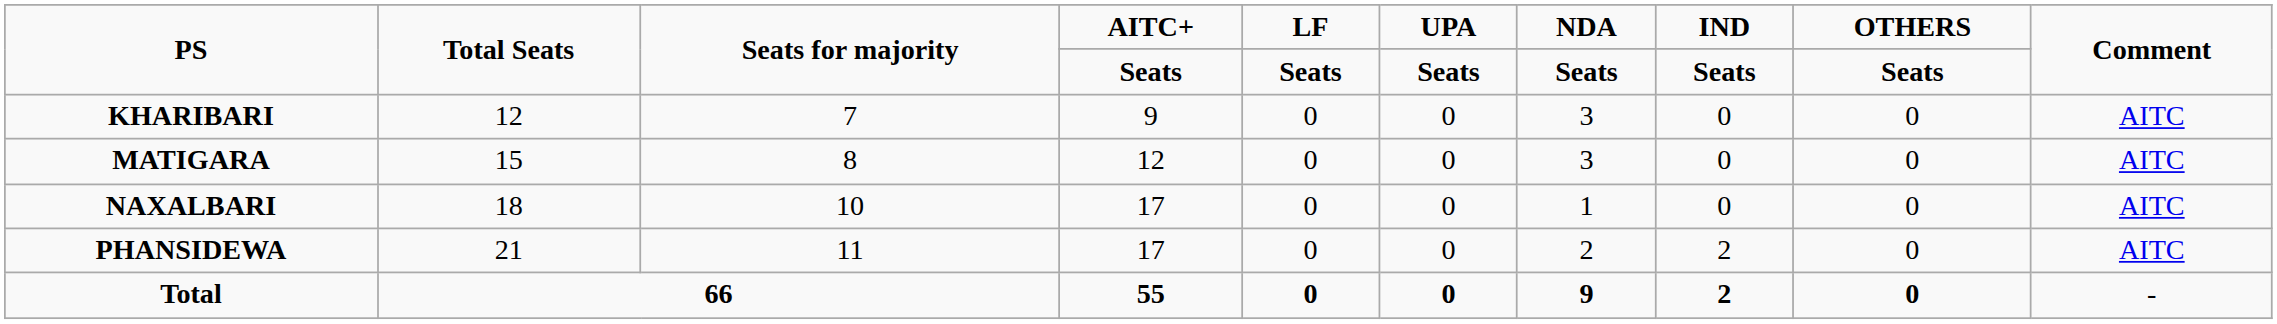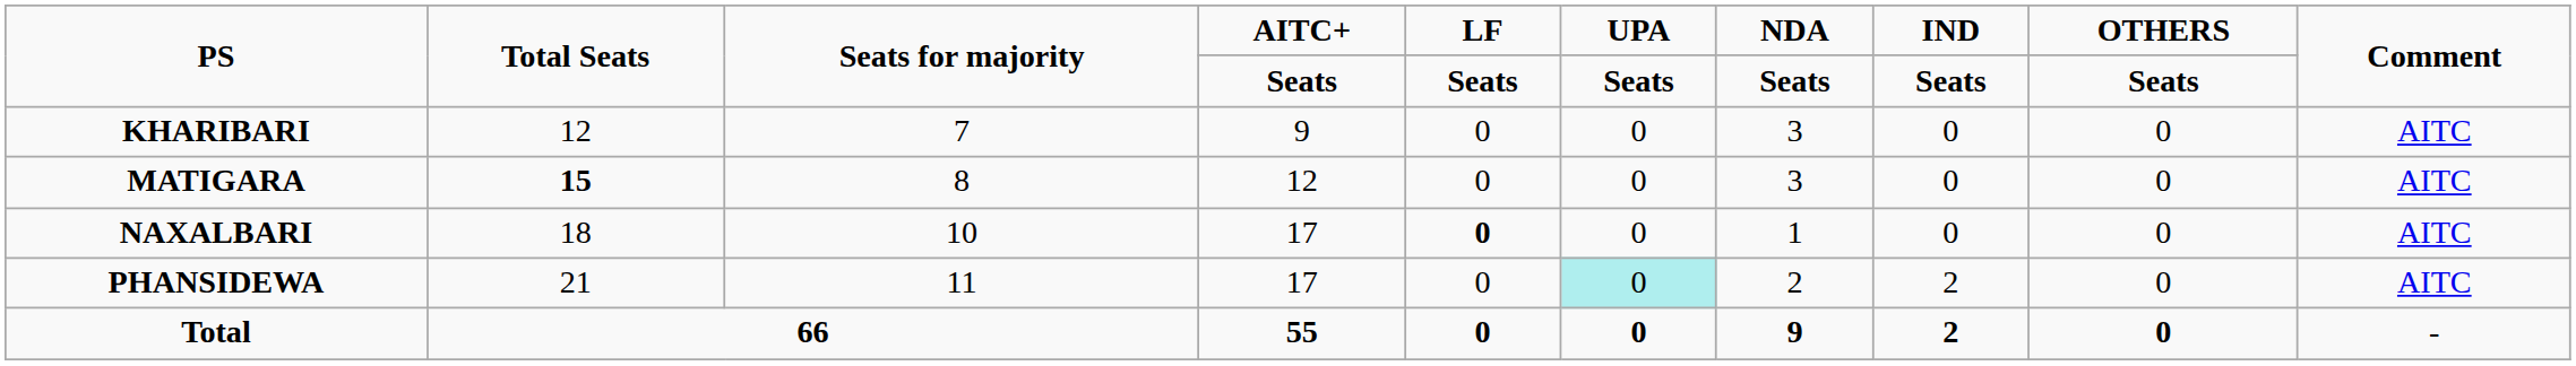 <table class="wikitable sortable" style="width:102%; text-align:center;">
 <tr>
 <td rowspan="2"><strong>PS</strong></td>
 <td rowspan="2"><strong>Total Seats</strong></td>
 <td rowspan="2"><strong>Seats for majority</strong></td>
 <td style="background:"><strong>AITC+</strong></td>
 <td style="background:"><strong>LF</strong></td>
 <td style="background:"><strong>UPA</strong></td>
 <td style="background:"><strong>NDA</strong></td>
 <td style="background:"><strong>IND</strong></td>
 <td style="background:"><strong>OTHERS</strong></td>
 <td rowspan="2"><strong>Comment</strong></td>
 </tr>
 <tr>
 <td><strong>Seats</strong></td>
 <td><strong>Seats</strong></td>
 <td><strong>Seats</strong></td>
 <td><strong>Seats</strong></td>
 <td><strong>Seats</strong></td>
 <td><strong>Seats</strong></td>
 </tr>
 <tr>
 <td><strong>KHARIBARI</strong></td>
 <td>12</td>
 <td>7</td>
 <td>9</td>
 <td>0</td>
 <td>0</td>
 <td>3</td>
 <td>0</td>
 <td>0</td>
 <td><a href='#'>AITC</a></td>
 </tr>
 <tr>
 <td><strong>MATIGARA</strong></td>
-<td>15</td>
+<td><strong>15</strong></td>
 <td>8</td>
 <td>12</td>
 <td>0</td>
 <td>0</td>
 <td>3</td>
 <td>0</td>
 <td>0</td>
 <td><a href='#'>AITC</a></td>
 </tr>
 <tr>
 <td><strong>NAXALBARI</strong></td>
 <td>18</td>
 <td>10</td>
 <td>17</td>
-<td>0</td>
+<td><strong>0</strong></td>
 <td>0</td>
 <td>1</td>
 <td>0</td>
 <td>0</td>
 <td><a href='#'>AITC</a></td>
 </tr>
 <tr>
 <td><strong>PHANSIDEWA</strong></td>
 <td>21</td>
 <td>11</td>
 <td>17</td>
 <td>0</td>
-<td>0</td>
+<td style="background: paleturquoise;">0</td>
 <td>2</td>
 <td>2</td>
 <td>0</td>
 <td><a href='#'>AITC</a></td>
 </tr>
 <tr>
 <td><strong>Total</strong></td>
 <td colspan="2"><strong>66</strong></td>
 <td><strong>55</strong></td>
 <td><strong>0</strong></td>
 <td><strong>0</strong></td>
 <td><strong>9</strong></td>
 <td><strong>2</strong></td>
 <td><strong>0</strong></td>
 <td>-</td>
 </tr>
 </table>
